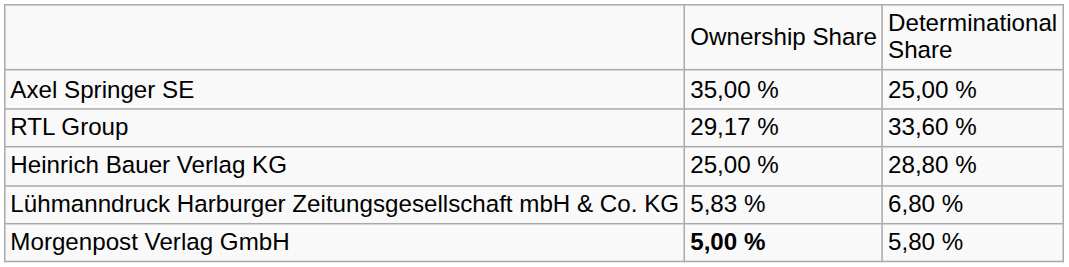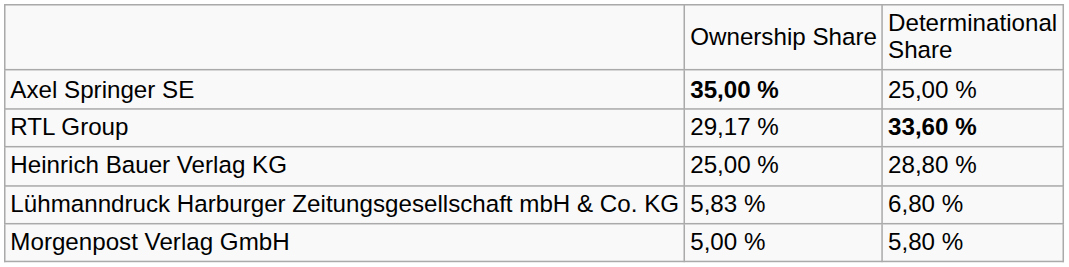 <table class="wikitable">
 <tr>
 <td></td>
 <td>Ownership Share</td>
 <td>Determinational<br>Share</td>
 </tr>
 <tr>
 <td>Axel Springer SE</td>
-<td>35,00 %</td>
+<td><strong>35,00 %</strong></td>
 <td>25,00 %</td>
 </tr>
 <tr>
 <td>RTL Group</td>
 <td>29,17 %</td>
-<td>33,60 %</td>
+<td><strong>33,60 %</strong></td>
 </tr>
 <tr>
 <td>Heinrich Bauer Verlag KG</td>
 <td>25,00 %</td>
 <td>28,80 %</td>
 </tr>
 <tr>
 <td>Lühmanndruck Harburger Zeitungsgesellschaft mbH & Co. KG</td>
 <td>5,83 %</td>
 <td>6,80 %</td>
 </tr>
 <tr>
 <td>Morgenpost Verlag GmbH</td>
-<td><strong>5,00 %</strong></td>
+<td>5,00 %</td>
 <td>5,80 %</td>
 </tr>
 </table>
